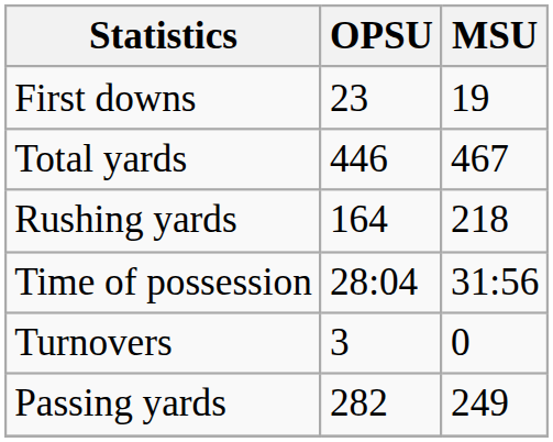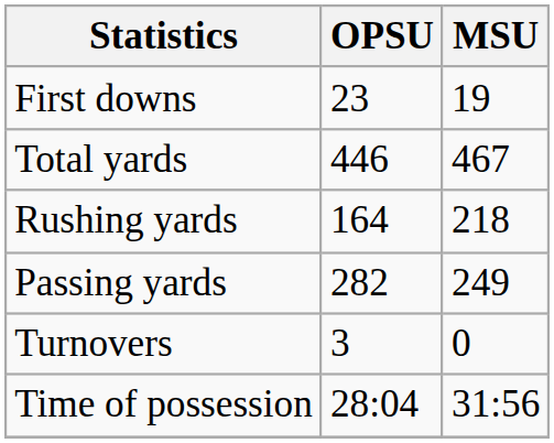 <table class="wikitable">
 <tr>
 <th>Statistics</th>
 <th>OPSU</th>
 <th>MSU</th>
 </tr>
 <tr>
 <td>First downs</td>
 <td>23</td>
 <td>19</td>
 </tr>
 <tr>
 <td>Total yards</td>
 <td>446</td>
 <td>467</td>
 </tr>
 <tr>
 <td>Rushing yards</td>
 <td>164</td>
 <td>218</td>
 </tr>
 <tr>
-<td>Time of possession</td>
-<td>28:04</td>
-<td>31:56</td>
+<td>Passing yards</td>
+<td>282</td>
+<td>249</td>
 </tr>
 <tr>
 <td>Turnovers</td>
 <td>3</td>
 <td>0</td>
 </tr>
 <tr>
-<td>Passing yards</td>
-<td>282</td>
-<td>249</td>
+<td>Time of possession</td>
+<td>28:04</td>
+<td>31:56</td>
 </tr>
 <tr>
 </tr>
 </table>
